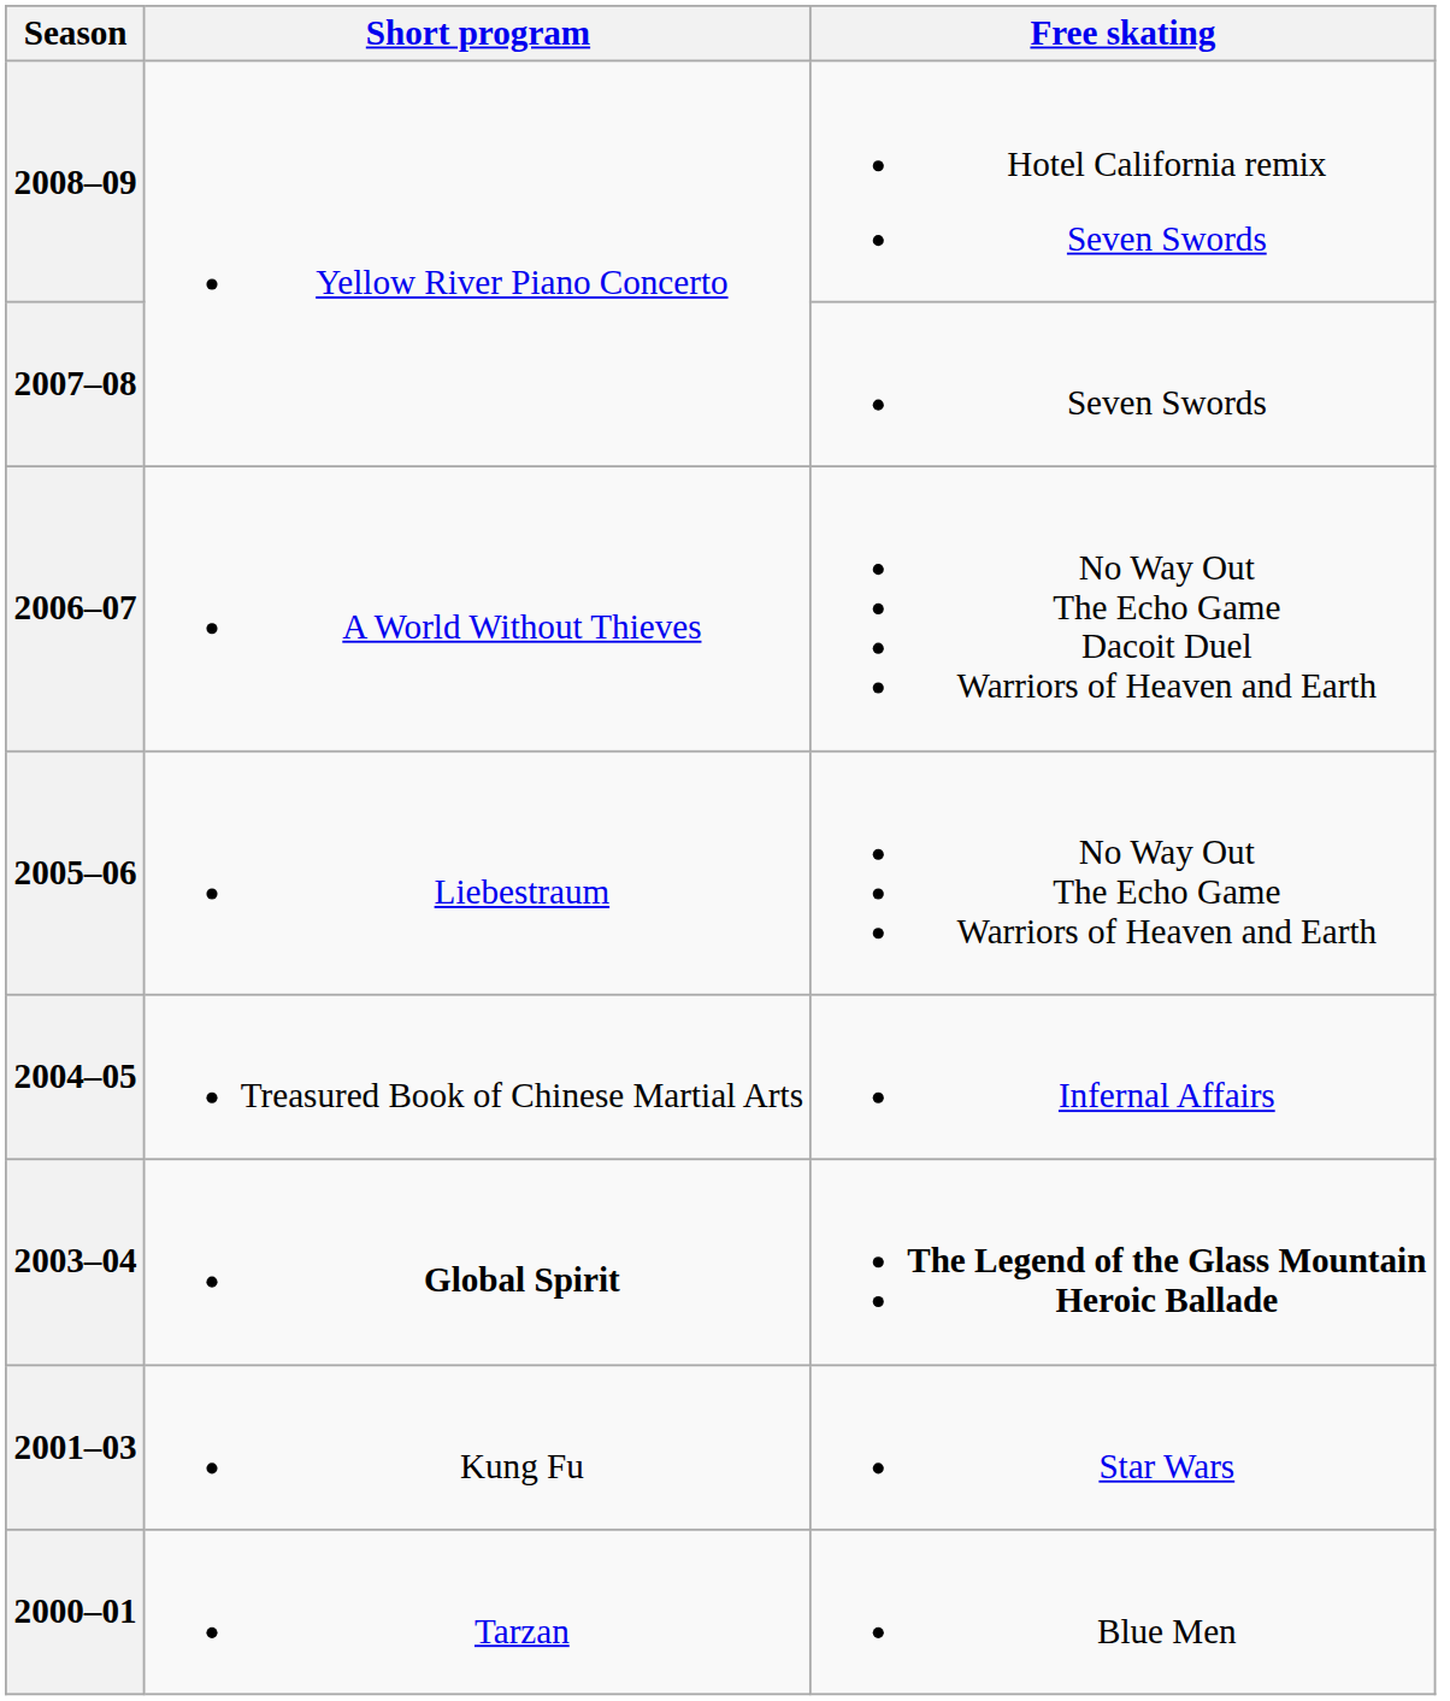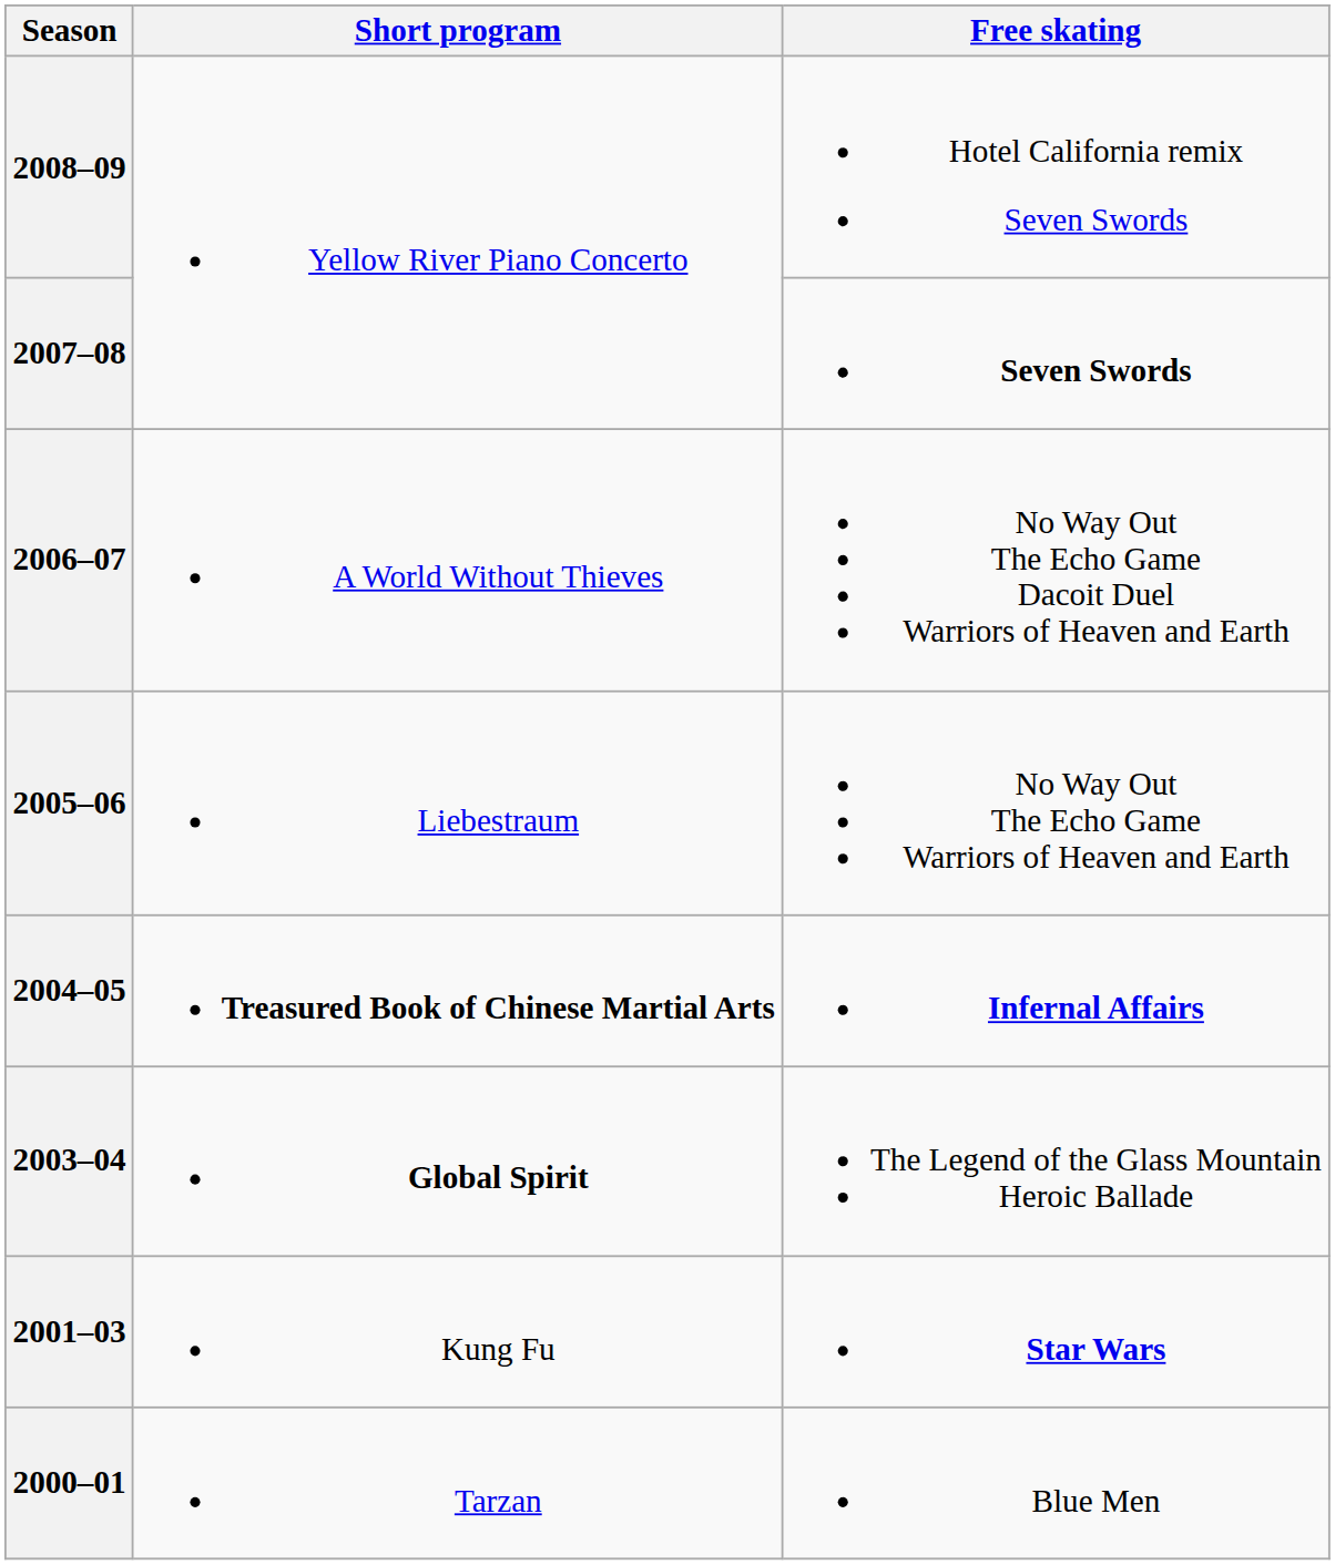 <table class=wikitable style=text-align:center>
 <tr>
 <th>Season</th>
 <th><a href='#'>Short program</a></th>
 <th><a href='#'>Free skating</a></th>
 </tr>
 <tr>
 <th>2008–09 <br> </th>
 <td rowspan=2><br><ul><li><a href='#'>Yellow River Piano Concerto</a></li></ul></td>
 <td><br><ul><li>Hotel California remix</li></ul><ul><li><a href='#'>Seven Swords</a> <br></li></ul></td>
 </tr>
 <tr>
 <th>2007–08 <br> </th>
-<td><br><ul><li>Seven Swords <br></li></ul></td>
+<td><strong><br><ul><li>Seven Swords <br></li></ul></strong></td>
 </tr>
 <tr>
 <th>2006–07 <br> </th>
 <td><br><ul><li><a href='#'>A World Without Thieves</a> <br></li></ul></td>
 <td><br><ul><li>No Way Out <br></li><li>The Echo Game <br></li><li>Dacoit Duel</li><li>Warriors of Heaven and Earth</li></ul></td>
 </tr>
 <tr>
 <th>2005–06 <br> </th>
 <td><br><ul><li><a href='#'>Liebestraum</a> <br></li></ul></td>
 <td><br><ul><li>No Way Out <br></li><li>The Echo Game <br></li><li>Warriors of Heaven and Earth</li></ul></td>
 </tr>
 <tr>
 <th>2004–05 <br> </th>
-<td><br><ul><li>Treasured Book of Chinese Martial Arts</li></ul></td>
-<td><br><ul><li><a href='#'>Infernal Affairs</a> <br></li></ul></td>
+<td><strong><br><ul><li>Treasured Book of Chinese Martial Arts</li></ul></strong></td>
+<td><strong><br><ul><li><a href='#'>Infernal Affairs</a> <br></li></ul></strong></td>
 </tr>
 <tr>
 <th>2003–04 <br> </th>
 <td><strong><br><ul><li>Global Spirit <br></li></ul></strong></td>
-<td><strong><br><ul><li>The Legend of the Glass Mountain <br></li><li>Heroic Ballade <br></li></ul></strong></td>
+<td><br><ul><li>The Legend of the Glass Mountain <br></li><li>Heroic Ballade <br></li></ul></td>
 </tr>
 <tr>
 <th>2001–03 <br> </th>
 <td><br><ul><li>Kung Fu <br></li></ul></td>
-<td><br><ul><li><a href='#'>Star Wars</a> <br></li></ul></td>
+<td><strong><br><ul><li><a href='#'>Star Wars</a> <br></li></ul></strong></td>
 </tr>
 <tr>
 <th>2000–01 <br> </th>
 <td><br><ul><li><a href='#'>Tarzan</a> <br></li></ul></td>
 <td><br><ul><li>Blue Men <br></li></ul></td>
 </tr>
 </table>
